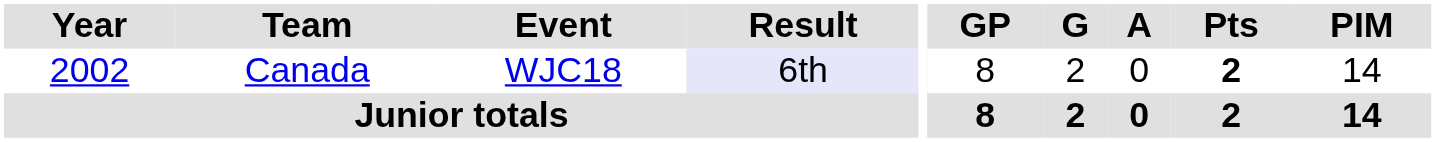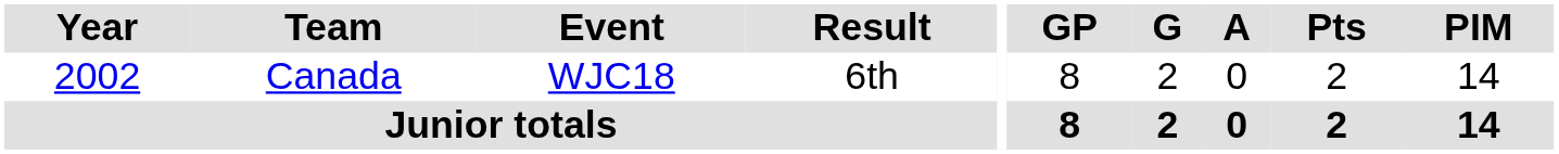 <table border="0" cellpadding="1" cellspacing="0" ID="Table3" style="text-align:center; width:40em">
 <tr ALIGN="center" bgcolor="#e0e0e0">
 <th>Year</th>
 <th>Team</th>
 <th>Event</th>
 <th>Result</th>
 <th rowspan="99" bgcolor="#ffffff"></th>
 <th>GP</th>
 <th>G</th>
 <th>A</th>
 <th>Pts</th>
 <th>PIM</th>
 </tr>
 <tr ALIGN="center">
 <td><a href='#'>2002</a></td>
 <td><a href='#'>Canada</a></td>
 <td><a href='#'>WJC18</a></td>
-<td style="background: lavender;">6th</td>
+<td>6th</td>
 <td>8</td>
 <td>2</td>
 <td>0</td>
-<td><strong>2</strong></td>
+<td>2</td>
 <td>14</td>
 </tr>
 <tr bgcolor="#e0e0e0">
 <th colspan="4">Junior totals</th>
 <th>8</th>
 <th>2</th>
 <th>0</th>
 <th>2</th>
 <th>14</th>
 </tr>
 </table>
